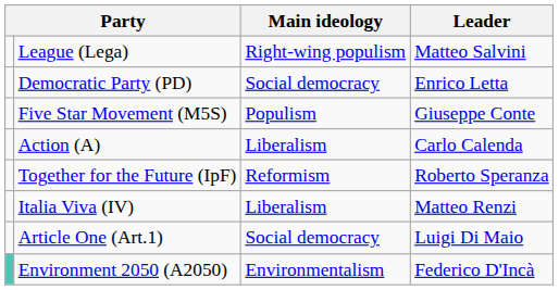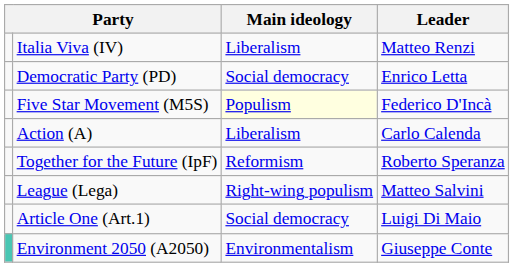 <table class="wikitable" style="font-size:95%">
 <tr>
 <th colspan=2>Party</th>
 <th>Main ideology</th>
 <th>Leader</th>
 </tr>
 <tr>
 <td style="color:inherit;background:"></td>
-<td><a href='#'>League</a> (Lega)</td>
-<td><a href='#'>Right-wing populism</a></td>
-<td><a href='#'>Matteo Salvini</a></td>
+<td><a href='#'>Italia Viva</a> (IV)</td>
+<td><a href='#'>Liberalism</a></td>
+<td><a href='#'>Matteo Renzi</a></td>
 </tr>
 <tr>
 <td style="color:inherit;background:"></td>
 <td><a href='#'>Democratic Party</a> (PD)</td>
 <td><a href='#'>Social democracy</a></td>
 <td><a href='#'>Enrico Letta</a></td>
 </tr>
 <tr>
 <td style="color:inherit;background:"></td>
 <td><a href='#'>Five Star Movement</a> (M5S)</td>
-<td><a href='#'>Populism</a></td>
-<td><a href='#'>Giuseppe Conte</a></td>
+<td style="background: lightyellow;"><a href='#'>Populism</a></td>
+<td><a href='#'>Federico D'Incà</a></td>
 </tr>
 <tr>
 <td style="color:inherit;background:"></td>
 <td><a href='#'>Action</a> (A)</td>
 <td><a href='#'>Liberalism</a></td>
 <td><a href='#'>Carlo Calenda</a></td>
 </tr>
 <tr>
 <td style="color:inherit;background:"></td>
 <td><a href='#'>Together for the Future</a> (IpF)</td>
 <td><a href='#'>Reformism</a></td>
 <td><a href='#'>Roberto Speranza</a></td>
 </tr>
 <tr>
 <td style="color:inherit;background:"></td>
-<td><a href='#'>Italia Viva</a> (IV)</td>
-<td><a href='#'>Liberalism</a></td>
-<td><a href='#'>Matteo Renzi</a></td>
+<td><a href='#'>League</a> (Lega)</td>
+<td><a href='#'>Right-wing populism</a></td>
+<td><a href='#'>Matteo Salvini</a></td>
 </tr>
 <tr>
 <td style="color:inherit;background:"></td>
 <td><a href='#'>Article One</a> (Art.1)</td>
 <td><a href='#'>Social democracy</a></td>
 <td><a href='#'>Luigi Di Maio</a></td>
 </tr>
 <tr>
 <td style="color:inherit;background:#49C6B3"></td>
 <td><a href='#'>Environment 2050</a> (A2050)</td>
 <td><a href='#'>Environmentalism</a></td>
-<td><a href='#'>Federico D'Incà</a></td>
+<td><a href='#'>Giuseppe Conte</a></td>
 </tr>
 </table>
